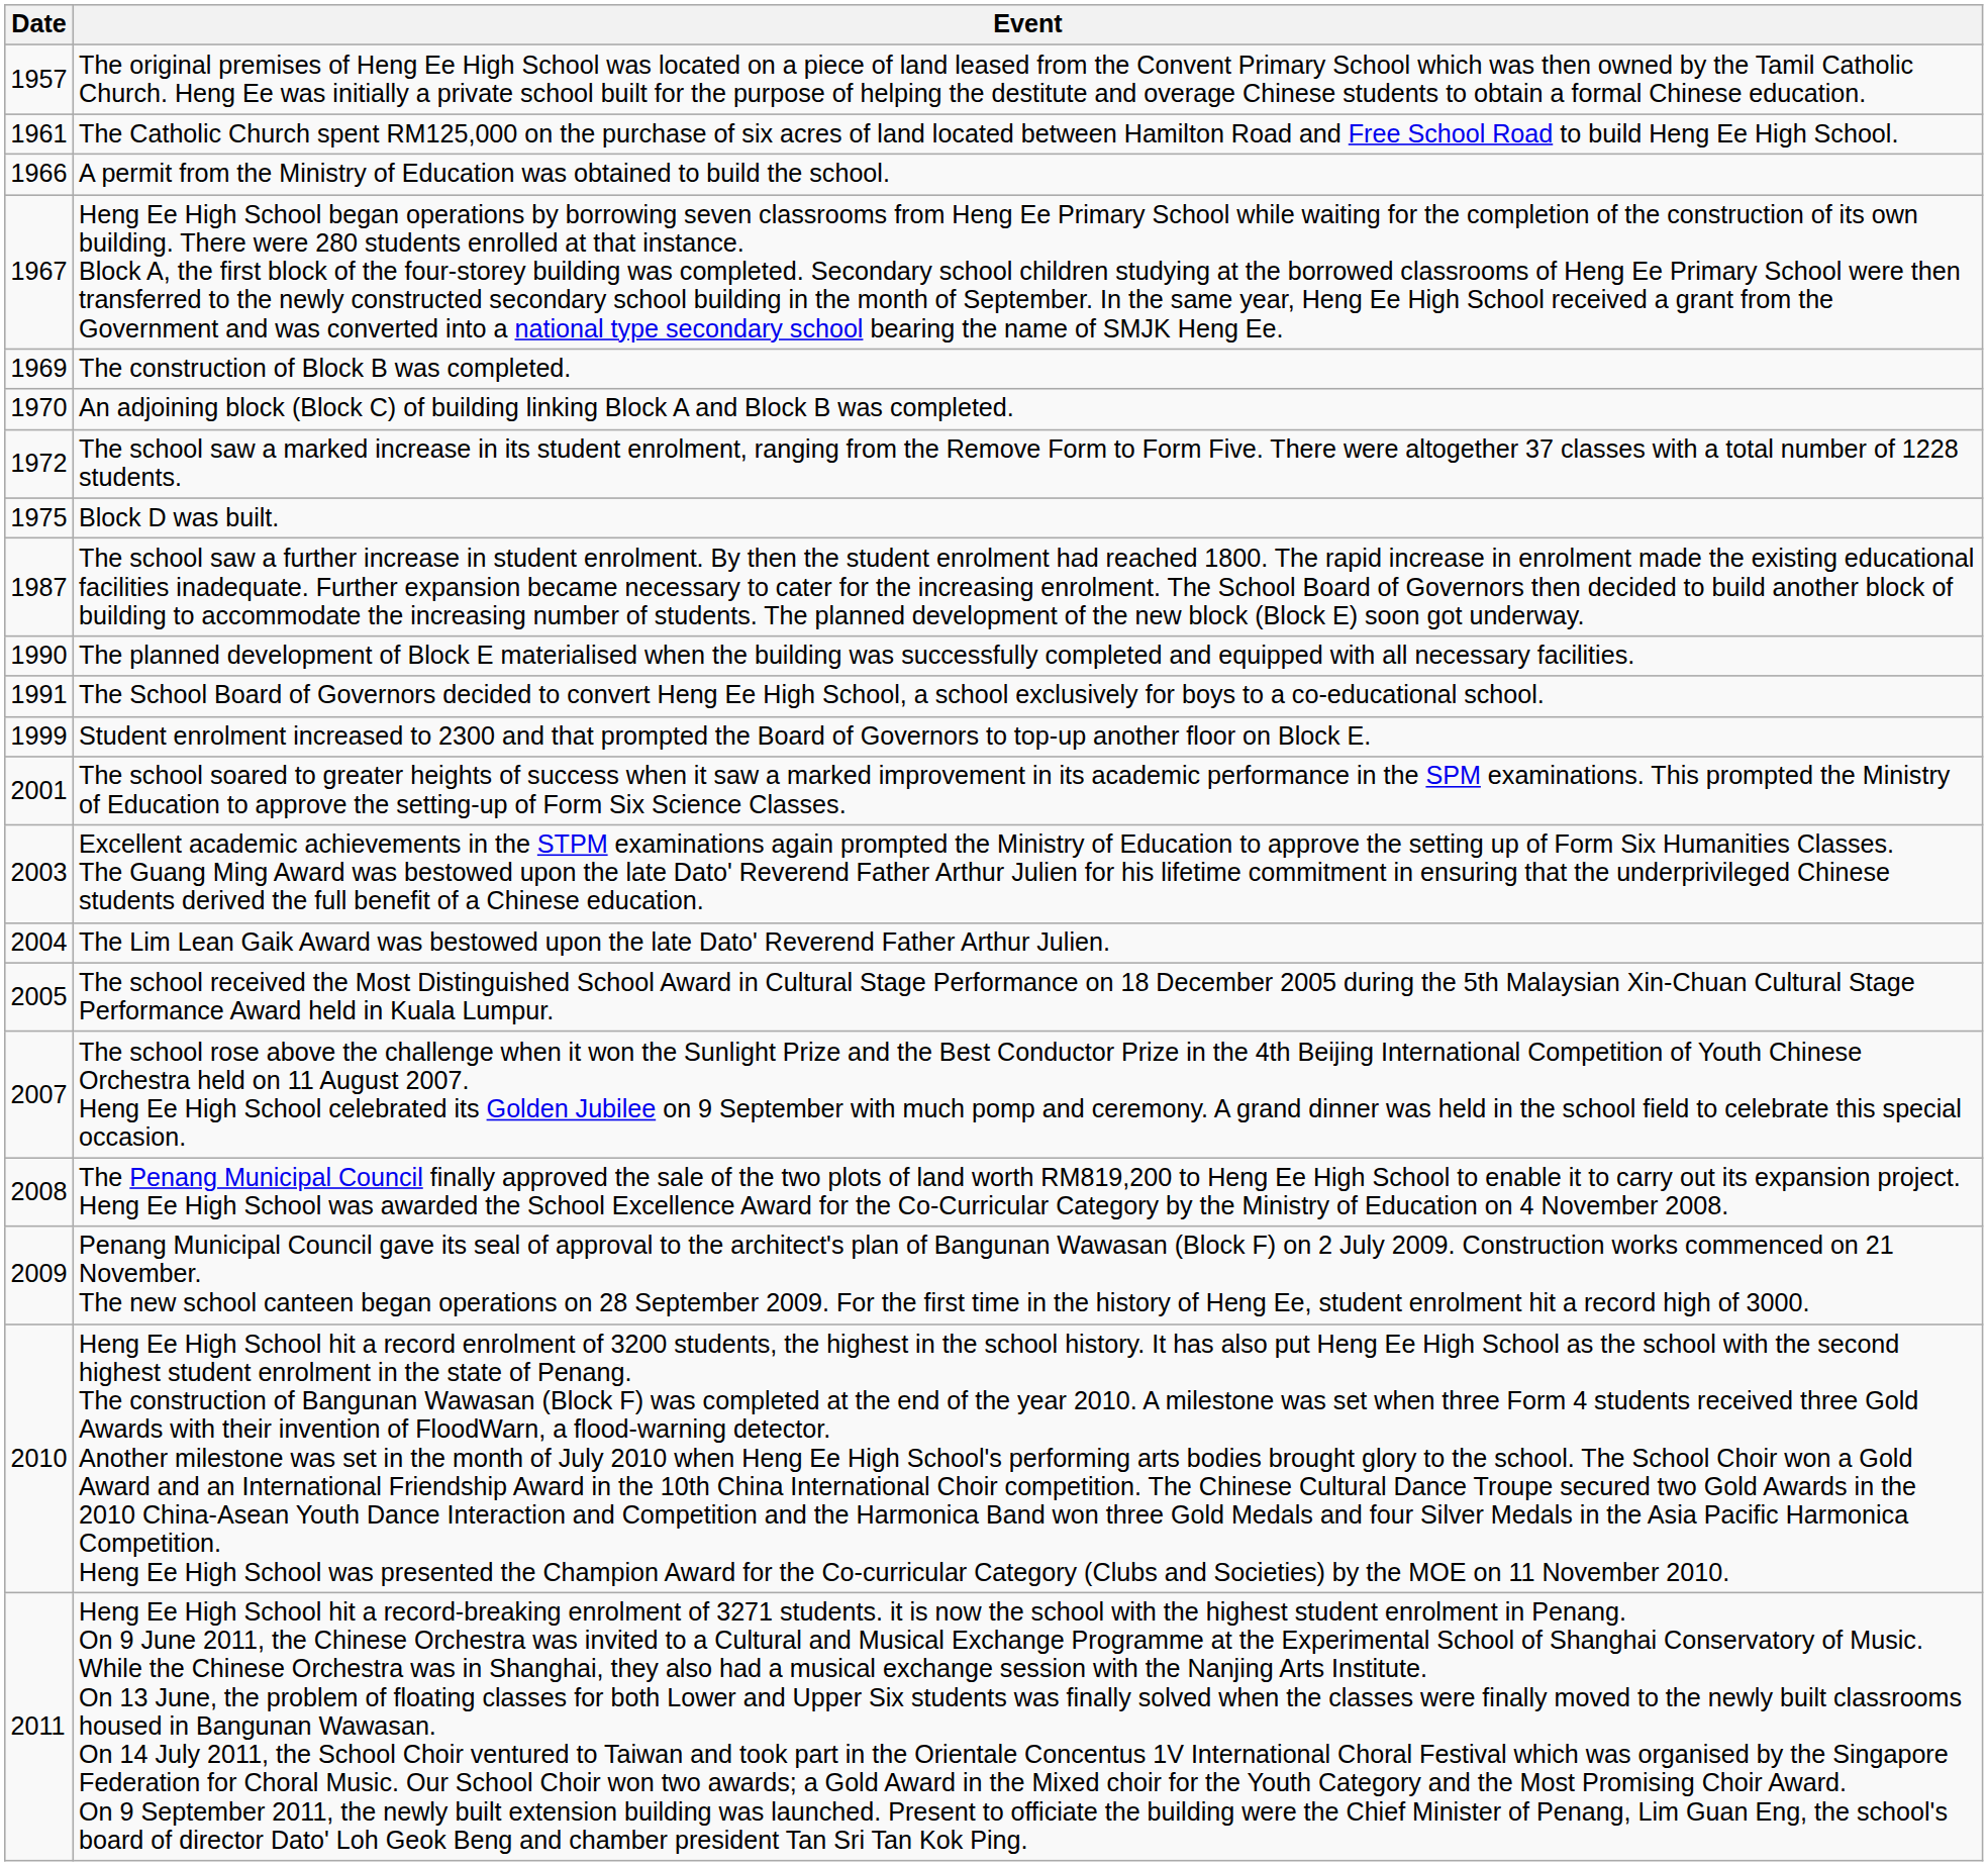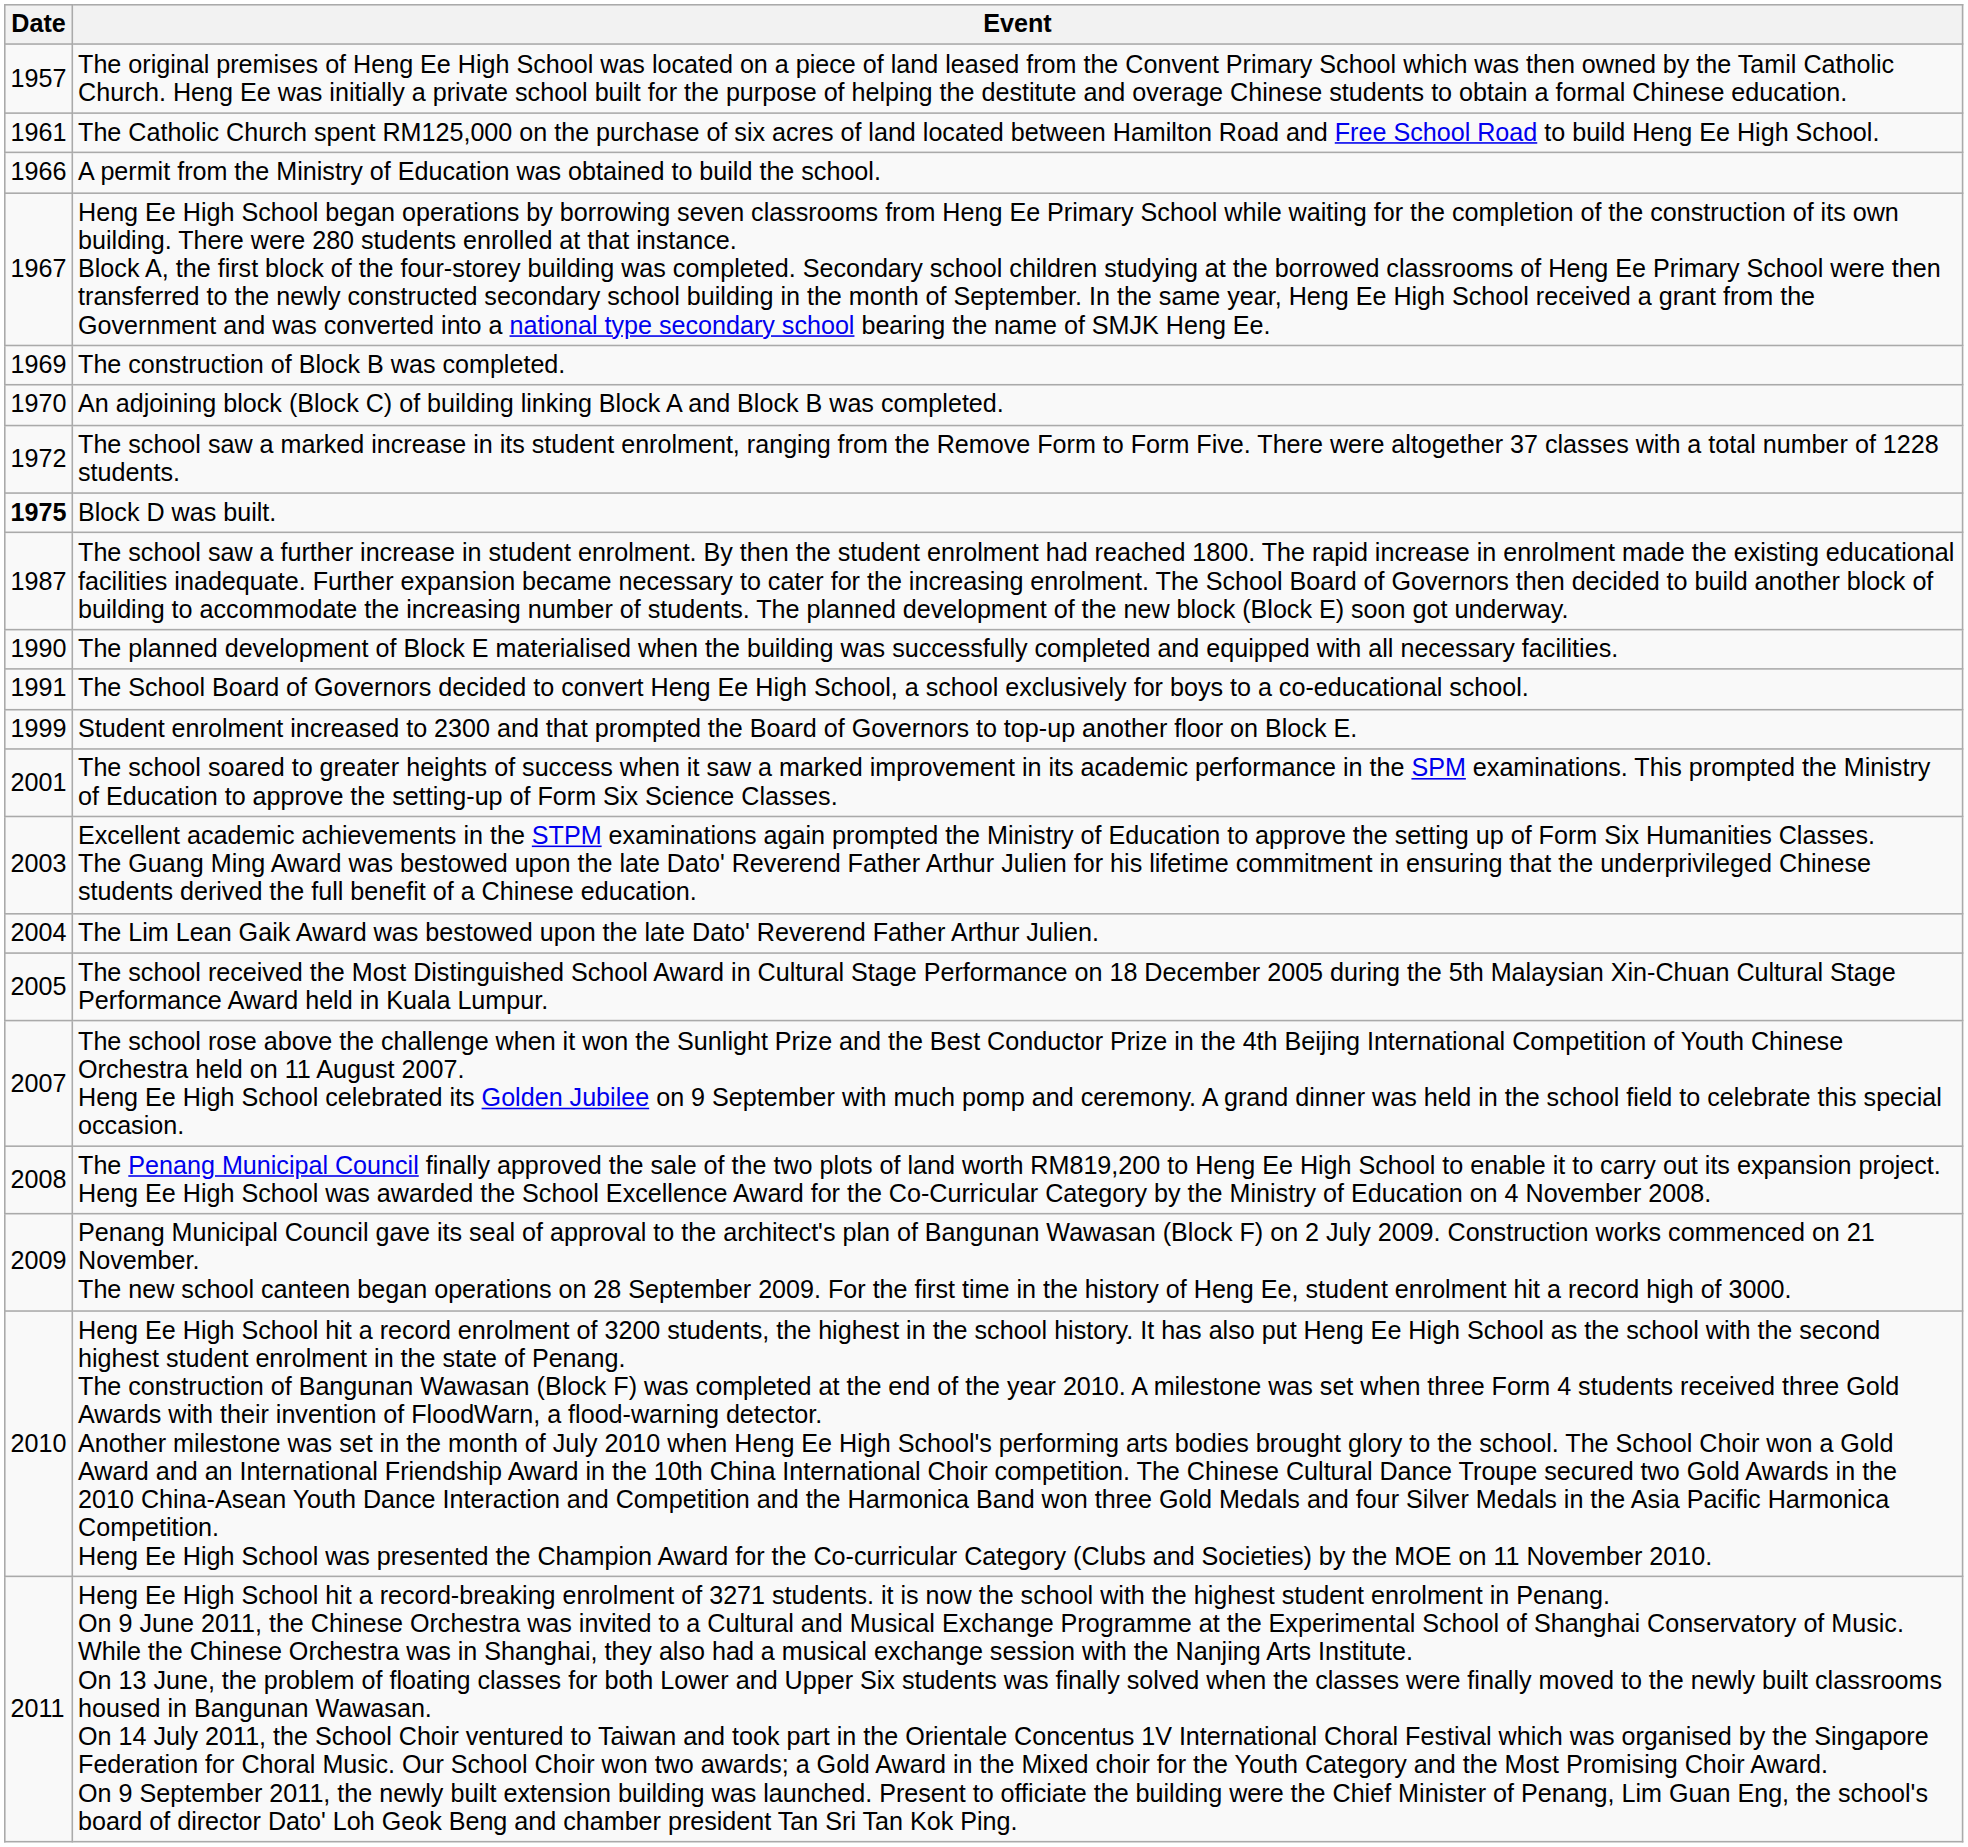 <table class="wikitable">
 <tr>
 <th>Date</th>
 <th>Event</th>
 </tr>
 <tr>
 <td>1957</td>
 <td>The original premises of Heng Ee High School was located on a piece of land leased from the Convent Primary School which was then owned by the Tamil Catholic Church. Heng Ee was initially a private school built for the purpose of helping the destitute and overage Chinese students to obtain a formal Chinese education.</td>
 </tr>
 <tr>
 <td>1961</td>
 <td>The Catholic Church spent RM125,000 on the purchase of six acres of land located between Hamilton Road and <a href='#'>Free School Road</a> to build Heng Ee High School.</td>
 </tr>
 <tr>
 <td>1966</td>
 <td>A permit from the Ministry of Education was obtained to build the school.</td>
 </tr>
 <tr>
 <td>1967</td>
 <td>Heng Ee High School began operations by borrowing seven classrooms from Heng Ee Primary School while waiting for the completion of the construction of its own building. There were 280 students enrolled at that instance.<br>Block A, the first block of the four-storey building was completed. Secondary school children studying at the borrowed classrooms of Heng Ee Primary School were then transferred to the newly constructed secondary school building in the month of September. In the same year, Heng Ee High School received a grant from the Government and was converted into a <a href='#'>national type secondary school</a> bearing the name of SMJK Heng Ee.</td>
 </tr>
 <tr>
 <td>1969</td>
 <td>The construction of Block B was completed.</td>
 </tr>
 <tr>
 <td>1970</td>
 <td>An adjoining block (Block C) of building linking Block A and Block B was completed.</td>
 </tr>
 <tr>
 <td>1972</td>
 <td>The school saw a marked increase in its student enrolment, ranging from the Remove Form to Form Five. There were altogether 37 classes with a total number of 1228 students.</td>
 </tr>
 <tr>
-<td>1975</td>
+<td><strong>1975</strong></td>
 <td>Block D was built.</td>
 </tr>
 <tr>
 <td>1987</td>
 <td>The school saw a further increase in student enrolment. By then the student enrolment had reached 1800. The rapid increase in enrolment made the existing educational facilities inadequate. Further expansion became necessary to cater for the increasing enrolment. The School Board of Governors then decided to build another block of building to accommodate the increasing number of students. The planned development of the new block (Block E) soon got underway.</td>
 </tr>
 <tr>
 <td>1990</td>
 <td>The planned development of Block E materialised when the building was successfully completed and equipped with all necessary facilities.</td>
 </tr>
 <tr>
 <td>1991</td>
 <td>The School Board of Governors decided to convert Heng Ee High School, a school exclusively for boys to a co-educational school.</td>
 </tr>
 <tr>
 <td>1999</td>
 <td>Student enrolment increased to 2300 and that prompted the Board of Governors to top-up another floor on Block E.</td>
 </tr>
 <tr>
 <td>2001</td>
 <td>The school soared to greater heights of success when it saw a marked improvement in its academic performance in the <a href='#'>SPM</a> examinations. This prompted the Ministry of Education to approve the setting-up of Form Six Science Classes.</td>
 </tr>
 <tr>
 <td>2003</td>
 <td>Excellent academic achievements in the <a href='#'>STPM</a> examinations again prompted the Ministry of Education to approve the setting up of Form Six Humanities Classes.<br>The Guang Ming Award was bestowed upon the late Dato' Reverend Father Arthur Julien for his lifetime commitment in ensuring that the underprivileged Chinese students derived the full benefit of a Chinese education.</td>
 </tr>
 <tr>
 <td>2004</td>
 <td>The Lim Lean Gaik Award was bestowed upon the late Dato' Reverend Father Arthur Julien.</td>
 </tr>
 <tr>
 <td>2005</td>
 <td>The school received the Most Distinguished School Award in Cultural Stage Performance on 18 December 2005 during the 5th Malaysian Xin-Chuan Cultural Stage Performance Award held in Kuala Lumpur.</td>
 </tr>
 <tr>
 <td>2007</td>
 <td>The school rose above the challenge when it won the Sunlight Prize and the Best Conductor Prize in the 4th Beijing International Competition of Youth Chinese Orchestra held on 11 August 2007.<br>Heng Ee High School celebrated its <a href='#'>Golden Jubilee</a> on 9 September with much pomp and ceremony. A grand dinner was held in the school field to celebrate this special occasion.</td>
 </tr>
 <tr>
 <td>2008</td>
 <td>The <a href='#'>Penang Municipal Council</a> finally approved the sale of the two plots of land worth RM819,200 to Heng Ee High School to enable it to carry out its expansion project.<br>Heng Ee High School was awarded the School Excellence Award for the Co-Curricular Category by the Ministry of Education on 4 November 2008.</td>
 </tr>
 <tr>
 <td>2009</td>
 <td>Penang Municipal Council gave its seal of approval to the architect's plan of Bangunan Wawasan (Block F) on 2 July 2009. Construction works commenced on 21 November.<br>The new school canteen began operations on 28 September 2009. For the first time in the history of Heng Ee, student enrolment hit a record high of 3000.</td>
 </tr>
 <tr>
 <td>2010</td>
 <td>Heng Ee High School hit a record enrolment of 3200 students, the highest in the school history. It has also put Heng Ee High School as the school with the second highest student enrolment in the state of Penang.<br>The construction of Bangunan Wawasan (Block F) was completed at the end of the year 2010. A milestone was set when three Form 4 students received three Gold Awards with their invention of FloodWarn, a flood-warning detector.<br>Another milestone was set in the month of July 2010 when Heng Ee High School's performing arts bodies brought glory to the school. The School Choir won a Gold Award and an International Friendship Award in the 10th China International Choir competition. The Chinese Cultural Dance Troupe secured two Gold Awards in the 2010 China-Asean Youth Dance Interaction and Competition and the Harmonica Band won three Gold Medals and four Silver Medals in the Asia Pacific Harmonica Competition.<br>Heng Ee High School was presented the Champion Award for the Co-curricular Category (Clubs and Societies) by the MOE on 11 November 2010.</td>
 </tr>
 <tr>
 <td>2011</td>
 <td>Heng Ee High School hit a record-breaking enrolment of 3271 students. it is now the school with the highest student enrolment in Penang.<br>On 9 June 2011, the Chinese Orchestra was invited to a Cultural and Musical Exchange Programme at the Experimental School of Shanghai Conservatory of Music. While the Chinese Orchestra was in Shanghai, they also had a musical exchange session with the Nanjing Arts Institute.<br>On 13 June, the problem of floating classes for both Lower and Upper Six students was finally solved when the classes were finally moved to the newly built classrooms housed in Bangunan Wawasan.<br>On 14 July 2011, the School Choir ventured to Taiwan and took part in the Orientale Concentus 1V International Choral Festival which was organised by the Singapore Federation for Choral Music. Our School Choir won two awards; a Gold Award in the Mixed choir for the Youth Category and the Most Promising Choir Award.<br>On 9 September 2011, the newly built extension building was launched. Present to officiate the building were the Chief Minister of Penang, Lim Guan Eng, the school's board of director Dato' Loh Geok Beng and chamber president Tan Sri Tan Kok Ping.</td>
 </tr>
 </table>
